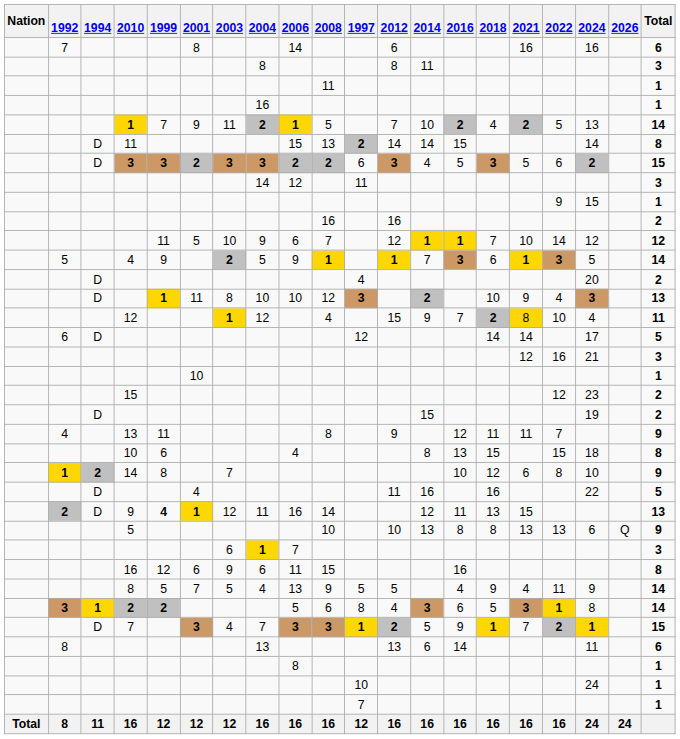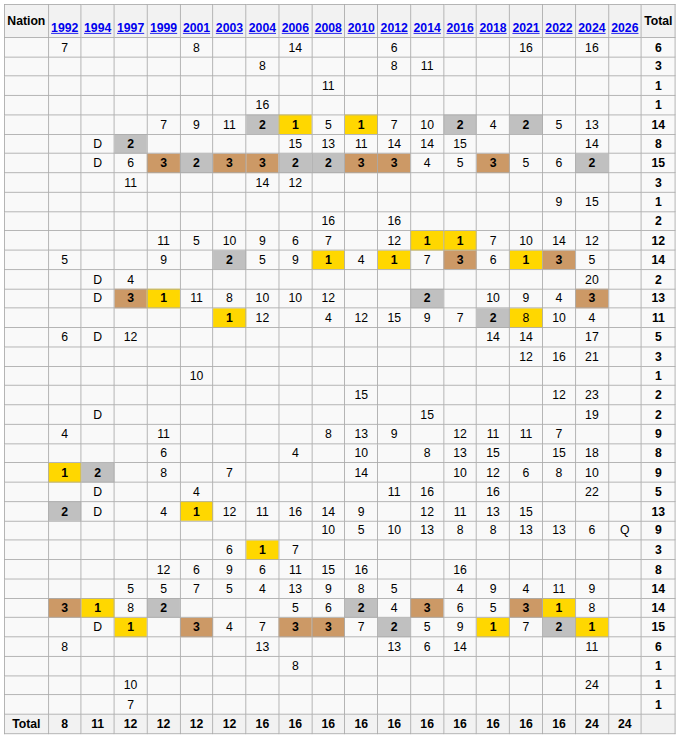 <table class="wikitable" style="text-align:center; font-size:90%">
 <tr>
 <th>Nation</th>
 <th><br><a href='#'>1992</a></th>
 <th><br><a href='#'>1994</a></th>
-<th><br><a href='#'>2010</a></th>
+<th><br><a href='#'>1997</a></th>
 <th><br><a href='#'>1999</a></th>
 <th><br><a href='#'>2001</a></th>
 <th><br><a href='#'>2003</a></th>
 <th><br><a href='#'>2004</a></th>
 <th><br><a href='#'>2006</a></th>
 <th><br><a href='#'>2008</a></th>
-<th><br><a href='#'>1997</a></th>
+<th><br><a href='#'>2010</a></th>
 <th><br><a href='#'>2012</a></th>
 <th><br><a href='#'>2014</a></th>
 <th><br><a href='#'>2016</a></th>
 <th><br><a href='#'>2018</a></th>
 <th><br><a href='#'>2021</a></th>
 <th><br><a href='#'>2022</a></th>
 <th><br><a href='#'>2024</a></th>
 <th><br><a href='#'>2026</a></th>
 <th>Total</th>
 </tr>
 <tr>
 <td align="left"></td>
 <td>7</td>
 <td></td>
 <td></td>
 <td></td>
 <td>8</td>
 <td></td>
 <td></td>
 <td>14</td>
 <td></td>
 <td></td>
 <td>6</td>
 <td></td>
 <td></td>
 <td></td>
 <td>16</td>
 <td></td>
 <td>16</td>
 <td></td>
 <td><strong>6</strong></td>
 </tr>
 <tr>
 <td align="left"></td>
 <td></td>
 <td></td>
 <td></td>
 <td></td>
 <td></td>
 <td></td>
 <td>8</td>
 <td></td>
 <td></td>
 <td></td>
 <td>8</td>
 <td>11</td>
 <td></td>
 <td></td>
 <td></td>
 <td></td>
 <td></td>
 <td></td>
 <td><strong>3</strong></td>
 </tr>
 <tr>
 <td align=left></td>
 <td></td>
 <td></td>
 <td></td>
 <td></td>
 <td></td>
 <td></td>
 <td></td>
 <td></td>
 <td>11</td>
 <td></td>
 <td></td>
 <td></td>
 <td></td>
 <td></td>
 <td></td>
 <td></td>
 <td></td>
 <td></td>
 <td><strong>1</strong></td>
 </tr>
 <tr>
 <td align=left></td>
 <td></td>
 <td></td>
 <td></td>
 <td></td>
 <td></td>
 <td></td>
 <td>16</td>
 <td></td>
 <td></td>
 <td></td>
 <td></td>
 <td></td>
 <td></td>
 <td></td>
 <td></td>
 <td></td>
 <td></td>
 <td></td>
 <td><strong>1</strong></td>
 </tr>
 <tr>
 <td align="left"></td>
 <td></td>
 <td></td>
-<td bgcolor="gold"><strong>1</strong></td>
+<td></td>
 <td>7</td>
 <td>9</td>
 <td>11</td>
 <td bgcolor="silver"><strong>2</strong></td>
 <td bgcolor="gold"><strong>1</strong></td>
 <td>5</td>
-<td></td>
+<td bgcolor="gold"><strong>1</strong></td>
 <td>7</td>
 <td>10</td>
 <td bgcolor="silver"><strong>2</strong></td>
 <td>4</td>
 <td bgcolor="silver"><strong>2</strong></td>
 <td>5</td>
 <td>13</td>
 <td></td>
 <td><strong>14</strong></td>
 </tr>
 <tr>
 <td align="left"></td>
 <td></td>
 <td>D</td>
-<td>11</td>
+<td bgcolor="silver"><strong>2</strong></td>
 <td></td>
 <td></td>
 <td></td>
 <td></td>
 <td>15</td>
 <td>13</td>
-<td bgcolor="silver"><strong>2</strong></td>
+<td>11</td>
 <td>14</td>
 <td>14</td>
 <td>15</td>
 <td></td>
 <td></td>
 <td></td>
 <td>14</td>
 <td></td>
 <td><strong>8</strong></td>
 </tr>
 <tr>
 <td align=left></td>
 <td></td>
 <td>D</td>
-<td bgcolor=#cc9966><strong>3</strong></td>
+<td>6</td>
 <td bgcolor=#cc9966><strong>3</strong></td>
 <td bgcolor=silver><strong>2</strong></td>
 <td bgcolor=#cc9966><strong>3</strong></td>
 <td bgcolor=#cc9966><strong>3</strong></td>
 <td bgcolor=silver><strong>2</strong></td>
 <td bgcolor=silver><strong>2</strong></td>
-<td>6</td>
+<td bgcolor=#cc9966><strong>3</strong></td>
 <td bgcolor=#cc9966><strong>3</strong></td>
 <td>4</td>
 <td>5</td>
 <td bgcolor=#cc9966><strong>3</strong></td>
 <td>5</td>
 <td>6</td>
 <td bgcolor=silver><strong>2</strong></td>
 <td></td>
 <td><strong>15</strong></td>
 </tr>
 <tr>
 <td align=left></td>
 <td></td>
 <td></td>
-<td></td>
+<td>11</td>
 <td></td>
 <td></td>
 <td></td>
 <td>14</td>
 <td>12</td>
 <td></td>
-<td>11</td>
+<td></td>
 <td></td>
 <td></td>
 <td></td>
 <td></td>
 <td></td>
 <td></td>
 <td></td>
 <td></td>
 <td><strong>3</strong></td>
 </tr>
 <tr>
 <td align=left></td>
 <td></td>
 <td></td>
 <td></td>
 <td></td>
 <td></td>
 <td></td>
 <td></td>
 <td></td>
 <td></td>
 <td></td>
 <td></td>
 <td></td>
 <td></td>
 <td></td>
 <td></td>
 <td>9</td>
 <td>15</td>
 <td></td>
 <td><strong>1</strong></td>
 </tr>
 <tr>
 <td align=left></td>
 <td></td>
 <td></td>
 <td></td>
 <td></td>
 <td></td>
 <td></td>
 <td></td>
 <td></td>
 <td>16</td>
 <td></td>
 <td>16</td>
 <td></td>
 <td></td>
 <td></td>
 <td></td>
 <td></td>
 <td></td>
 <td></td>
 <td><strong>2</strong></td>
 </tr>
 <tr>
 <td align=left></td>
 <td></td>
 <td></td>
 <td></td>
 <td>11</td>
 <td>5</td>
 <td>10</td>
 <td>9</td>
 <td>6</td>
 <td>7</td>
 <td></td>
 <td>12</td>
 <td bgcolor=gold><strong>1</strong></td>
 <td bgcolor=gold><strong>1</strong></td>
 <td>7</td>
 <td>10</td>
 <td>14</td>
 <td>12</td>
 <td></td>
 <td><strong>12</strong></td>
 </tr>
 <tr>
 <td align="left"></td>
 <td>5</td>
 <td></td>
-<td>4</td>
+<td></td>
 <td>9</td>
 <td></td>
 <td bgcolor="silver"><strong>2</strong></td>
 <td>5</td>
 <td>9</td>
 <td bgcolor="gold"><strong>1</strong></td>
-<td></td>
+<td>4</td>
 <td bgcolor="gold"><strong>1</strong></td>
 <td>7</td>
 <td bgcolor="#cc9966"><strong>3</strong></td>
 <td>6</td>
 <td bgcolor="gold"><strong>1</strong></td>
 <td bgcolor=#cc9966><strong>3</strong></td>
 <td>5</td>
 <td></td>
 <td><strong>14</strong></td>
 </tr>
 <tr>
 <td align="left"></td>
 <td></td>
 <td>D</td>
+<td>4</td>
 <td></td>
 <td></td>
 <td></td>
 <td></td>
 <td></td>
 <td></td>
 <td></td>
-<td>4</td>
 <td></td>
 <td></td>
 <td></td>
 <td></td>
 <td></td>
 <td></td>
 <td>20</td>
 <td></td>
 <td><strong>2</strong></td>
 </tr>
 <tr>
 <td align="left"></td>
 <td></td>
 <td>D</td>
-<td></td>
+<td bgcolor="#cc9966"><strong>3</strong></td>
 <td bgcolor="gold"><strong>1</strong></td>
 <td>11</td>
 <td>8</td>
 <td>10</td>
 <td>10</td>
 <td>12</td>
-<td bgcolor="#cc9966"><strong>3</strong></td>
+<td></td>
 <td></td>
 <td bgcolor="silver"><strong>2</strong></td>
 <td></td>
 <td>10</td>
 <td>9</td>
 <td>4</td>
 <td bgcolor=#cc9966><strong>3</strong></td>
 <td></td>
 <td><strong>13</strong></td>
 </tr>
 <tr>
 <td align="left"></td>
 <td></td>
 <td></td>
-<td>12</td>
+<td></td>
 <td></td>
 <td></td>
 <td bgcolor="gold"><strong>1</strong></td>
 <td>12</td>
 <td></td>
 <td>4</td>
-<td></td>
+<td>12</td>
 <td>15</td>
 <td>9</td>
 <td>7</td>
 <td bgcolor="silver"><strong>2</strong></td>
 <td style="background: gold;">8</td>
 <td>10</td>
 <td>4</td>
 <td></td>
 <td><strong>11</strong></td>
 </tr>
 <tr>
 <td align="left"></td>
 <td>6</td>
 <td>D</td>
+<td>12</td>
 <td></td>
 <td></td>
 <td></td>
 <td></td>
 <td></td>
 <td></td>
 <td></td>
-<td>12</td>
 <td></td>
 <td></td>
 <td></td>
 <td>14</td>
 <td>14</td>
 <td></td>
 <td>17</td>
 <td></td>
 <td><strong>5</strong></td>
 </tr>
 <tr>
 <td align="left"></td>
 <td></td>
 <td></td>
 <td></td>
 <td></td>
 <td></td>
 <td></td>
 <td></td>
 <td></td>
 <td></td>
 <td></td>
 <td></td>
 <td></td>
 <td></td>
 <td></td>
 <td>12</td>
 <td>16</td>
 <td>21</td>
 <td></td>
 <td><strong>3</strong></td>
 </tr>
 <tr>
 <td align="left"></td>
 <td></td>
 <td></td>
 <td></td>
 <td></td>
 <td>10</td>
 <td></td>
 <td></td>
 <td></td>
 <td></td>
 <td></td>
 <td></td>
 <td></td>
 <td></td>
 <td></td>
 <td></td>
 <td></td>
 <td></td>
 <td></td>
 <td><strong>1</strong></td>
 </tr>
 <tr>
 <td align="left"></td>
 <td></td>
 <td></td>
-<td>15</td>
 <td></td>
 <td></td>
 <td></td>
 <td></td>
 <td></td>
 <td></td>
 <td></td>
+<td>15</td>
 <td></td>
 <td></td>
 <td></td>
 <td></td>
 <td></td>
 <td>12</td>
 <td>23</td>
 <td></td>
 <td><strong>2</strong></td>
 </tr>
 <tr>
 <td align="left"></td>
 <td></td>
 <td>D</td>
 <td></td>
 <td></td>
 <td></td>
 <td></td>
 <td></td>
 <td></td>
 <td></td>
 <td></td>
 <td></td>
 <td>15</td>
 <td></td>
 <td></td>
 <td></td>
 <td></td>
 <td>19</td>
 <td></td>
 <td><strong>2</strong></td>
 </tr>
 <tr>
 <td align="left"></td>
 <td>4</td>
 <td></td>
-<td>13</td>
+<td></td>
 <td>11</td>
 <td></td>
 <td></td>
 <td></td>
 <td></td>
 <td>8</td>
-<td></td>
+<td>13</td>
 <td>9</td>
 <td></td>
 <td>12</td>
 <td>11</td>
 <td>11</td>
 <td>7</td>
 <td></td>
 <td></td>
 <td><strong>9</strong></td>
 </tr>
 <tr>
 <td align="left"></td>
 <td></td>
 <td></td>
-<td>10</td>
+<td></td>
 <td>6</td>
 <td></td>
 <td></td>
 <td></td>
 <td>4</td>
 <td></td>
-<td></td>
+<td>10</td>
 <td></td>
 <td>8</td>
 <td>13</td>
 <td>15</td>
 <td></td>
 <td>15</td>
 <td>18</td>
 <td></td>
 <td><strong>8</strong></td>
 </tr>
 <tr>
 <td align="left"></td>
 <td bgcolor="gold"><strong>1</strong></td>
 <td bgcolor="silver"><strong>2</strong></td>
-<td>14</td>
+<td></td>
 <td>8</td>
 <td></td>
 <td>7</td>
 <td></td>
 <td></td>
 <td></td>
-<td></td>
+<td>14</td>
 <td></td>
 <td></td>
 <td>10</td>
 <td>12</td>
 <td>6</td>
 <td>8</td>
 <td>10</td>
 <td></td>
 <td><strong>9</strong></td>
 </tr>
 <tr>
 <td align="left"></td>
 <td></td>
 <td>D</td>
 <td></td>
 <td></td>
 <td>4</td>
 <td></td>
 <td></td>
 <td></td>
 <td></td>
 <td></td>
 <td>11</td>
 <td>16</td>
 <td></td>
 <td>16</td>
 <td></td>
 <td></td>
 <td>22</td>
 <td></td>
 <td><strong>5</strong></td>
 </tr>
 <tr>
 <td align="left"></td>
 <td bgcolor="silver"><strong>2</strong></td>
 <td>D</td>
-<td>9</td>
-<td><strong>4</strong></td>
+<td></td>
+<td>4</td>
 <td bgcolor="gold"><strong>1</strong></td>
 <td>12</td>
 <td>11</td>
 <td>16</td>
 <td>14</td>
-<td></td>
+<td>9</td>
 <td></td>
 <td>12</td>
 <td>11</td>
 <td>13</td>
 <td>15</td>
 <td></td>
 <td></td>
 <td></td>
 <td><strong>13</strong></td>
 </tr>
 <tr>
 <td align="left"></td>
 <td></td>
 <td></td>
-<td>5</td>
+<td></td>
 <td></td>
 <td></td>
 <td></td>
 <td></td>
 <td></td>
 <td>10</td>
-<td></td>
+<td>5</td>
 <td>10</td>
 <td>13</td>
 <td>8</td>
 <td>8</td>
 <td>13</td>
 <td>13</td>
 <td>6</td>
 <td>Q</td>
 <td><strong>9</strong></td>
 </tr>
 <tr>
 <td align="left"><em></em></td>
 <td></td>
 <td></td>
 <td></td>
 <td></td>
 <td></td>
 <td>6</td>
 <td bgcolor="gold"><strong>1</strong></td>
 <td>7</td>
 <td></td>
 <td></td>
 <td></td>
 <td></td>
 <td></td>
 <td></td>
 <td></td>
 <td></td>
 <td></td>
 <td></td>
 <td><strong>3</strong></td>
 </tr>
 <tr>
 <td align="left"></td>
 <td></td>
 <td></td>
-<td>16</td>
+<td></td>
 <td>12</td>
 <td>6</td>
 <td>9</td>
 <td>6</td>
 <td>11</td>
 <td>15</td>
-<td></td>
+<td>16</td>
 <td></td>
 <td></td>
 <td>16</td>
 <td></td>
 <td></td>
 <td></td>
 <td></td>
 <td></td>
 <td><strong>8</strong></td>
 </tr>
 <tr>
 <td align="left"></td>
 <td></td>
 <td></td>
-<td>8</td>
+<td>5</td>
 <td>5</td>
 <td>7</td>
 <td>5</td>
 <td>4</td>
 <td>13</td>
 <td>9</td>
-<td>5</td>
+<td>8</td>
 <td>5</td>
 <td></td>
 <td>4</td>
 <td>9</td>
 <td>4</td>
 <td>11</td>
 <td>9</td>
 <td></td>
 <td><strong>14</strong></td>
 </tr>
 <tr>
 <td align="left"></td>
 <td bgcolor="#cc9966"><strong>3</strong></td>
 <td bgcolor="gold"><strong>1</strong></td>
-<td bgcolor="silver"><strong>2</strong></td>
+<td>8</td>
 <td bgcolor="silver"><strong>2</strong></td>
 <td></td>
 <td></td>
 <td></td>
 <td>5</td>
 <td>6</td>
-<td>8</td>
+<td bgcolor="silver"><strong>2</strong></td>
 <td>4</td>
 <td bgcolor="#cc9966"><strong>3</strong></td>
 <td>6</td>
 <td>5</td>
 <td bgcolor="#cc9966"><strong>3</strong></td>
 <td bgcolor="gold"><strong>1</strong></td>
 <td>8</td>
 <td></td>
 <td><strong>14</strong></td>
 </tr>
 <tr>
 <td align="left"></td>
 <td></td>
 <td>D</td>
-<td>7</td>
+<td bgcolor="gold"><strong>1</strong></td>
 <td></td>
 <td bgcolor="#cc9966"><strong>3</strong></td>
 <td>4</td>
 <td>7</td>
 <td bgcolor="#cc9966"><strong>3</strong></td>
 <td bgcolor="#cc9966"><strong>3</strong></td>
-<td bgcolor="gold"><strong>1</strong></td>
+<td>7</td>
 <td bgcolor="silver"><strong>2</strong></td>
 <td>5</td>
 <td>9</td>
 <td bgcolor="gold"><strong>1</strong></td>
 <td>7</td>
 <td bgcolor=silver><strong>2</strong></td>
 <td bgcolor="gold"><strong>1</strong></td>
 <td></td>
 <td><strong>15</strong></td>
 </tr>
 <tr>
 <td align="left"></td>
 <td>8</td>
 <td></td>
 <td></td>
 <td></td>
 <td></td>
 <td></td>
 <td>13</td>
 <td></td>
 <td></td>
 <td></td>
 <td>13</td>
 <td>6</td>
 <td>14</td>
 <td></td>
 <td></td>
 <td></td>
 <td>11</td>
 <td></td>
 <td><strong>6</strong></td>
 </tr>
 <tr>
 <td align="left"></td>
 <td></td>
 <td></td>
 <td></td>
 <td></td>
 <td></td>
 <td></td>
 <td></td>
 <td>8</td>
 <td></td>
 <td></td>
 <td></td>
 <td></td>
 <td></td>
 <td></td>
 <td></td>
 <td></td>
 <td></td>
 <td></td>
 <td><strong>1</strong></td>
 </tr>
 <tr>
 <td align="left"></td>
 <td></td>
 <td></td>
+<td>10</td>
 <td></td>
 <td></td>
 <td></td>
 <td></td>
 <td></td>
 <td></td>
 <td></td>
-<td>10</td>
 <td></td>
 <td></td>
 <td></td>
 <td></td>
 <td></td>
 <td></td>
 <td>24</td>
 <td></td>
 <td><strong>1</strong></td>
 </tr>
 <tr>
 <td align="left"><em></em></td>
 <td></td>
 <td></td>
+<td>7</td>
 <td></td>
 <td></td>
 <td></td>
 <td></td>
 <td></td>
 <td></td>
 <td></td>
-<td>7</td>
 <td></td>
 <td></td>
 <td></td>
 <td></td>
 <td></td>
 <td></td>
 <td></td>
 <td></td>
 <td><strong>1</strong></td>
 </tr>
 <tr>
 <th>Total</th>
 <th>8</th>
 <th>11</th>
-<th>16</th>
+<th>12</th>
 <th>12</th>
 <th>12</th>
 <th>12</th>
 <th>16</th>
 <th>16</th>
 <th>16</th>
-<th>12</th>
+<th>16</th>
 <th>16</th>
 <th>16</th>
 <th>16</th>
 <th>16</th>
 <th>16</th>
 <th>16</th>
 <th>24</th>
 <th>24</th>
 <th></th>
 </tr>
 </table>
